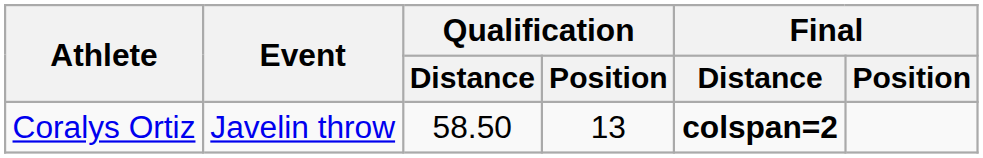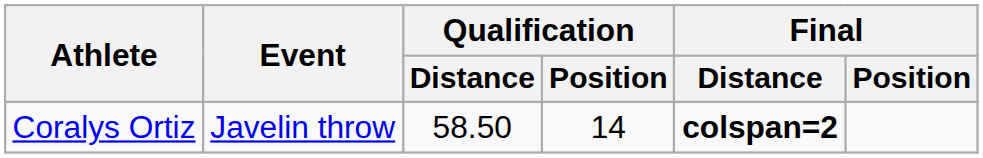 <table class=wikitable style="font-size:90%">
 <tr>
 <th rowspan="2">Athlete</th>
 <th rowspan="2">Event</th>
 <th colspan="2">Qualification</th>
 <th colspan="2">Final</th>
 </tr>
 <tr style="font-size:95%">
 <th>Distance</th>
 <th>Position</th>
 <th>Distance</th>
 <th>Position</th>
 </tr>
 <tr style=text-align:center>
 <td style=text-align:left><a href='#'>Coralys Ortiz</a></td>
 <td style=text-align:left><a href='#'>Javelin throw</a></td>
 <td>58.50</td>
-<td>13</td>
+<td>14</td>
 <td><strong>colspan=2 </strong></td>
 </tr>
 </table>
